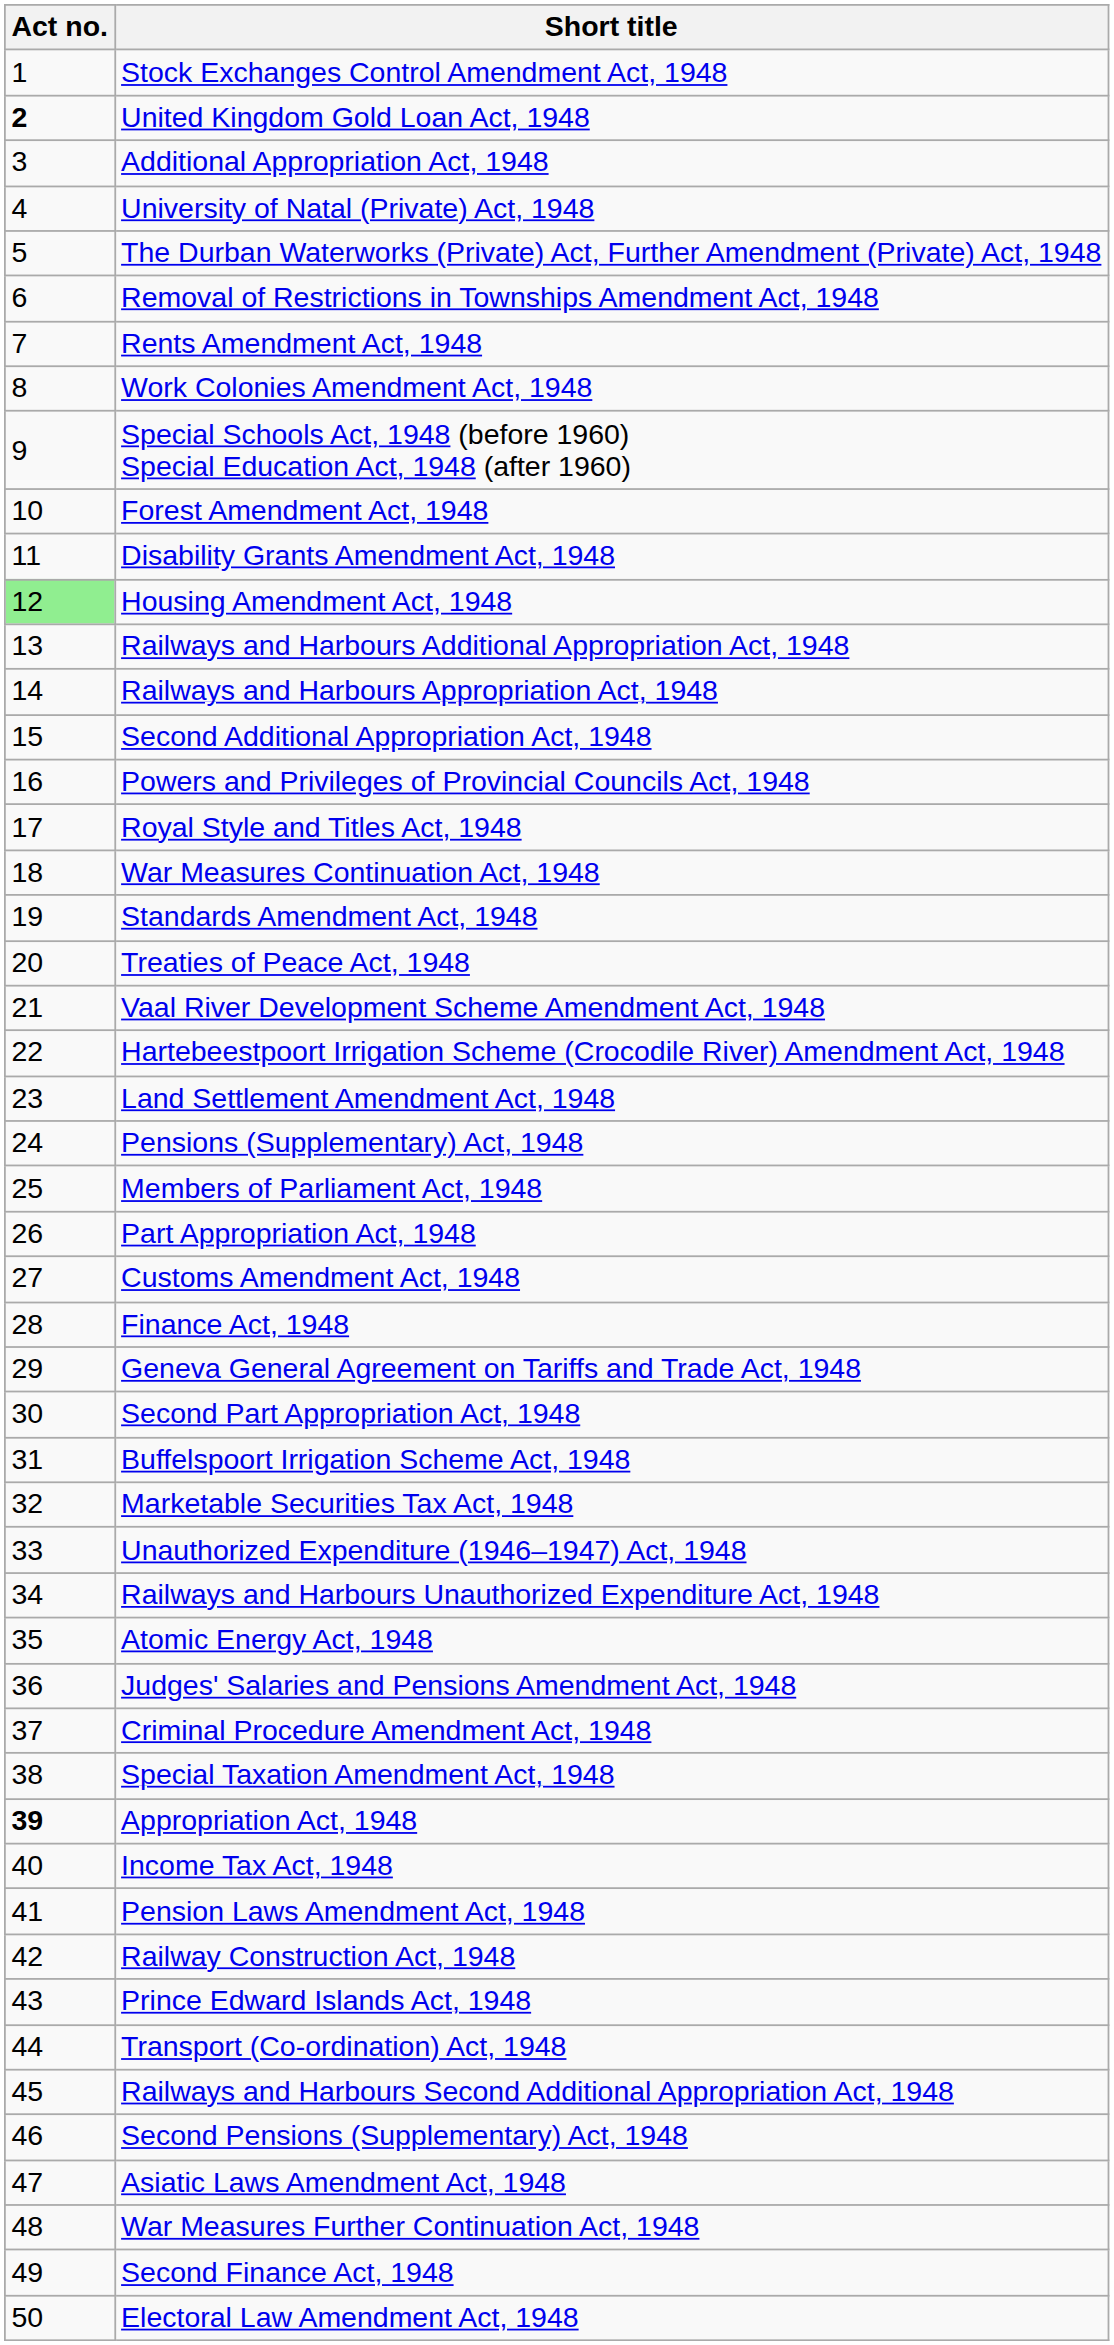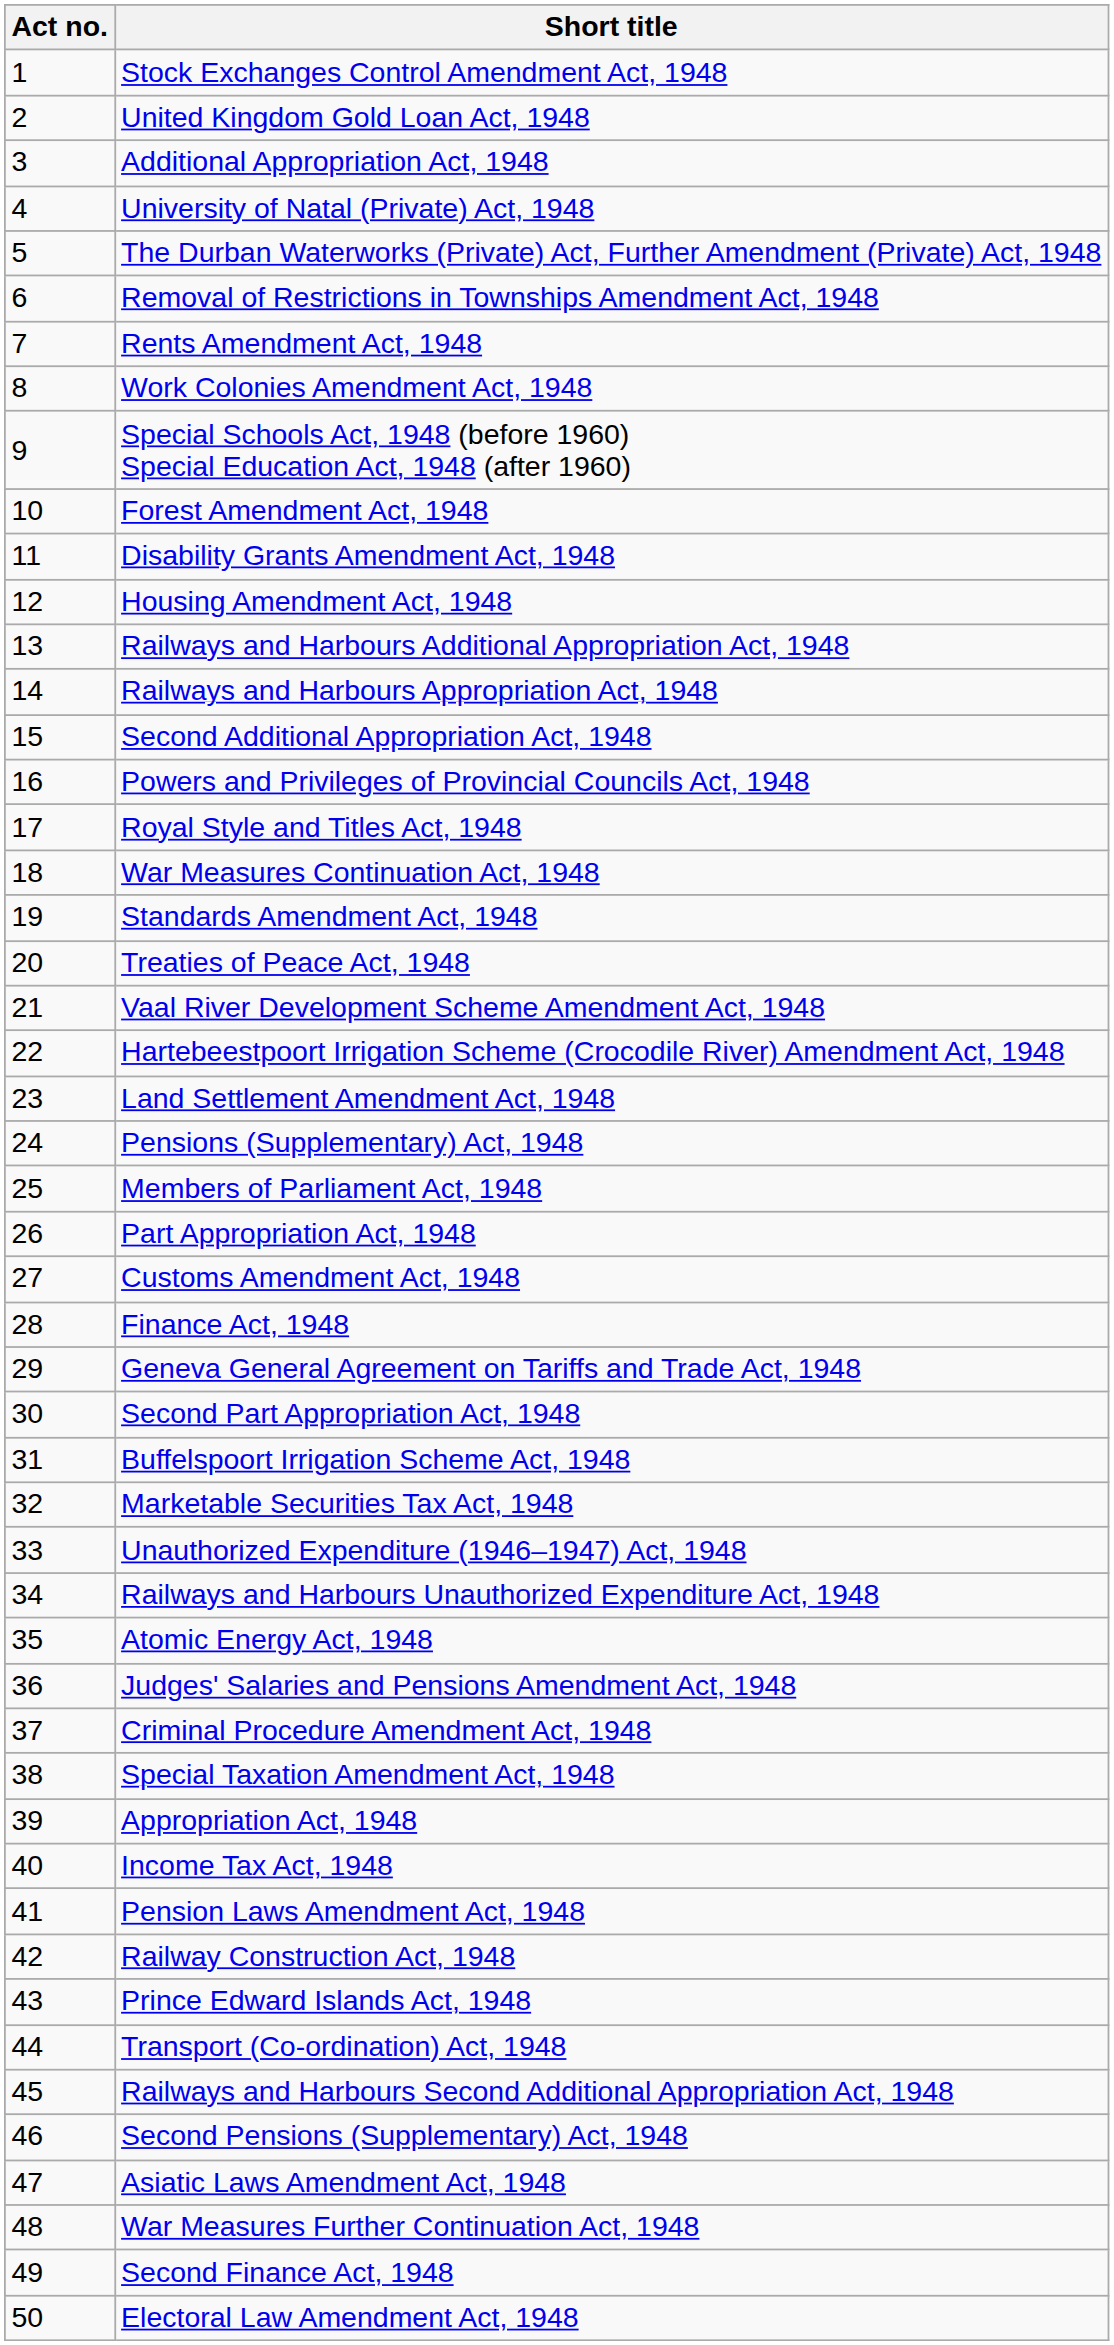 <table class="wikitable sortable">
 <tr>
 <th>Act no.</th>
 <th>Short title</th>
 </tr>
 <tr>
 <td>1</td>
 <td><a href='#'>Stock Exchanges Control Amendment Act, 1948</a></td>
 </tr>
 <tr>
-<td><strong>2</strong></td>
+<td>2</td>
 <td><a href='#'>United Kingdom Gold Loan Act, 1948</a></td>
 </tr>
 <tr>
 <td>3</td>
 <td><a href='#'>Additional Appropriation Act, 1948</a></td>
 </tr>
 <tr>
 <td>4</td>
 <td><a href='#'>University of Natal (Private) Act, 1948</a></td>
 </tr>
 <tr>
 <td>5</td>
 <td><a href='#'>The Durban Waterworks (Private) Act, Further Amendment (Private) Act, 1948</a></td>
 </tr>
 <tr>
 <td>6</td>
 <td><a href='#'>Removal of Restrictions in Townships Amendment Act, 1948</a></td>
 </tr>
 <tr>
 <td>7</td>
 <td><a href='#'>Rents Amendment Act, 1948</a></td>
 </tr>
 <tr>
 <td>8</td>
 <td><a href='#'>Work Colonies Amendment Act, 1948</a></td>
 </tr>
 <tr>
 <td>9</td>
 <td><a href='#'>Special Schools Act, 1948</a> (before 1960) <br><a href='#'>Special Education Act, 1948</a> (after 1960)</td>
 </tr>
 <tr>
 <td>10</td>
 <td><a href='#'>Forest Amendment Act, 1948</a></td>
 </tr>
 <tr>
 <td>11</td>
 <td><a href='#'>Disability Grants Amendment Act, 1948</a></td>
 </tr>
 <tr>
-<td style="background: lightgreen;">12</td>
+<td>12</td>
 <td><a href='#'>Housing Amendment Act, 1948</a></td>
 </tr>
 <tr>
 <td>13</td>
 <td><a href='#'>Railways and Harbours Additional Appropriation Act, 1948</a></td>
 </tr>
 <tr>
 <td>14</td>
 <td><a href='#'>Railways and Harbours Appropriation Act, 1948</a></td>
 </tr>
 <tr>
 <td>15</td>
 <td><a href='#'>Second Additional Appropriation Act, 1948</a></td>
 </tr>
 <tr>
 <td>16</td>
 <td><a href='#'>Powers and Privileges of Provincial Councils Act, 1948</a></td>
 </tr>
 <tr>
 <td>17</td>
 <td><a href='#'>Royal Style and Titles Act, 1948</a></td>
 </tr>
 <tr>
 <td>18</td>
 <td><a href='#'>War Measures Continuation Act, 1948</a></td>
 </tr>
 <tr>
 <td>19</td>
 <td><a href='#'>Standards Amendment Act, 1948</a></td>
 </tr>
 <tr>
 <td>20</td>
 <td><a href='#'>Treaties of Peace Act, 1948</a></td>
 </tr>
 <tr>
 <td>21</td>
 <td><a href='#'>Vaal River Development Scheme Amendment Act, 1948</a></td>
 </tr>
 <tr>
 <td>22</td>
 <td><a href='#'>Hartebeestpoort Irrigation Scheme (Crocodile River) Amendment Act, 1948</a></td>
 </tr>
 <tr>
 <td>23</td>
 <td><a href='#'>Land Settlement Amendment Act, 1948</a></td>
 </tr>
 <tr>
 <td>24</td>
 <td><a href='#'>Pensions (Supplementary) Act, 1948</a></td>
 </tr>
 <tr>
 <td>25</td>
 <td><a href='#'>Members of Parliament Act, 1948</a></td>
 </tr>
 <tr>
 <td>26</td>
 <td><a href='#'>Part Appropriation Act, 1948</a></td>
 </tr>
 <tr>
 <td>27</td>
 <td><a href='#'>Customs Amendment Act, 1948</a></td>
 </tr>
 <tr>
 <td>28</td>
 <td><a href='#'>Finance Act, 1948</a></td>
 </tr>
 <tr>
 <td>29</td>
 <td><a href='#'>Geneva General Agreement on Tariffs and Trade Act, 1948</a></td>
 </tr>
 <tr>
 <td>30</td>
 <td><a href='#'>Second Part Appropriation Act, 1948</a></td>
 </tr>
 <tr>
 <td>31</td>
 <td><a href='#'>Buffelspoort Irrigation Scheme Act, 1948</a></td>
 </tr>
 <tr>
 <td>32</td>
 <td><a href='#'>Marketable Securities Tax Act, 1948</a></td>
 </tr>
 <tr>
 <td>33</td>
 <td><a href='#'>Unauthorized Expenditure (1946–1947) Act, 1948</a></td>
 </tr>
 <tr>
 <td>34</td>
 <td><a href='#'>Railways and Harbours Unauthorized Expenditure Act, 1948</a></td>
 </tr>
 <tr>
 <td>35</td>
 <td><a href='#'>Atomic Energy Act, 1948</a></td>
 </tr>
 <tr>
 <td>36</td>
 <td><a href='#'>Judges' Salaries and Pensions Amendment Act, 1948</a></td>
 </tr>
 <tr>
 <td>37</td>
 <td><a href='#'>Criminal Procedure Amendment Act, 1948</a></td>
 </tr>
 <tr>
 <td>38</td>
 <td><a href='#'>Special Taxation Amendment Act, 1948</a></td>
 </tr>
 <tr>
-<td><strong>39</strong></td>
+<td>39</td>
 <td><a href='#'>Appropriation Act, 1948</a></td>
 </tr>
 <tr>
 <td>40</td>
 <td><a href='#'>Income Tax Act, 1948</a></td>
 </tr>
 <tr>
 <td>41</td>
 <td><a href='#'>Pension Laws Amendment Act, 1948</a></td>
 </tr>
 <tr>
 <td>42</td>
 <td><a href='#'>Railway Construction Act, 1948</a></td>
 </tr>
 <tr>
 <td>43</td>
 <td><a href='#'>Prince Edward Islands Act, 1948</a></td>
 </tr>
 <tr>
 <td>44</td>
 <td><a href='#'>Transport (Co-ordination) Act, 1948</a></td>
 </tr>
 <tr>
 <td>45</td>
 <td><a href='#'>Railways and Harbours Second Additional Appropriation Act, 1948</a></td>
 </tr>
 <tr>
 <td>46</td>
 <td><a href='#'>Second Pensions (Supplementary) Act, 1948</a></td>
 </tr>
 <tr>
 <td>47</td>
 <td><a href='#'>Asiatic Laws Amendment Act, 1948</a></td>
 </tr>
 <tr>
 <td>48</td>
 <td><a href='#'>War Measures Further Continuation Act, 1948</a></td>
 </tr>
 <tr>
 <td>49</td>
 <td><a href='#'>Second Finance Act, 1948</a></td>
 </tr>
 <tr>
 <td>50</td>
 <td><a href='#'>Electoral Law Amendment Act, 1948</a></td>
 </tr>
 </table>
